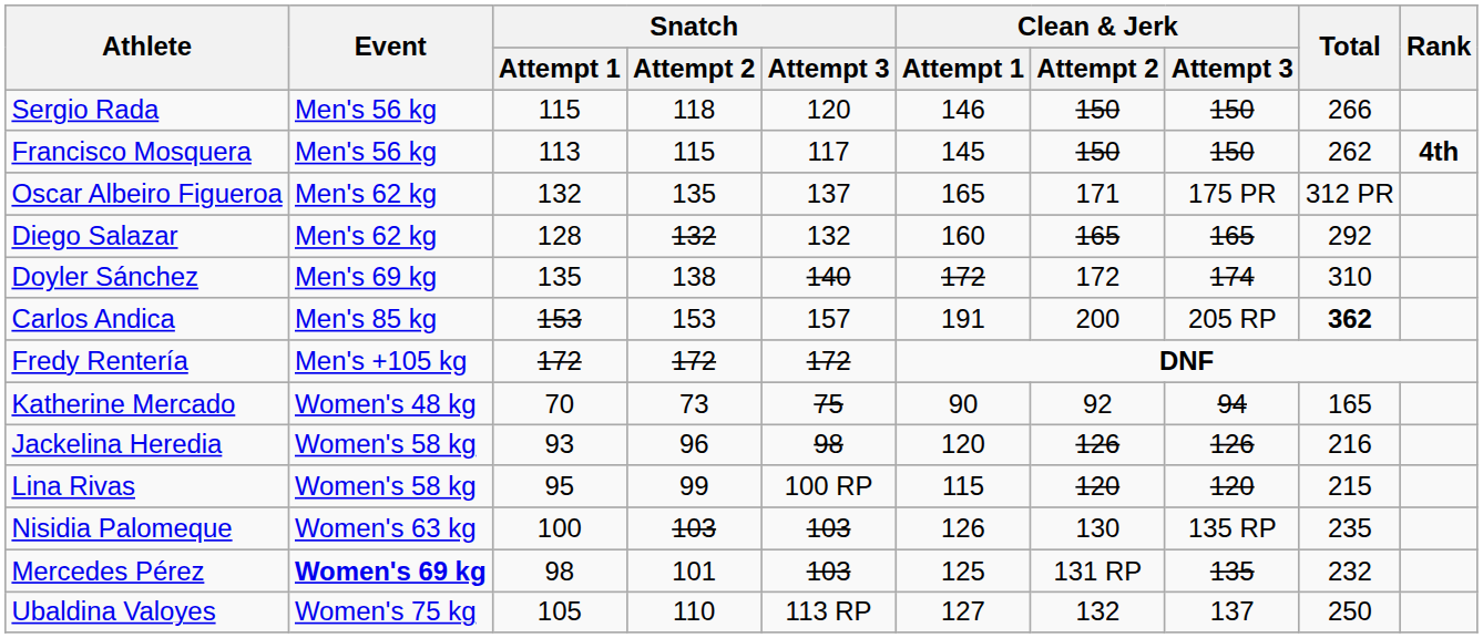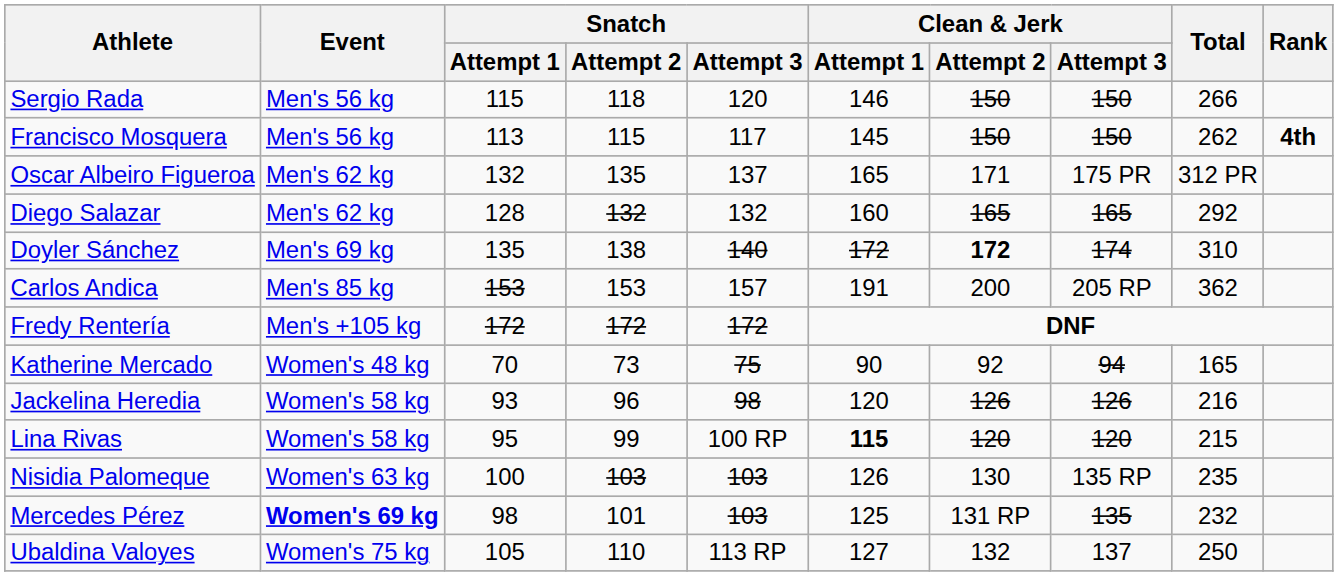 <table class="wikitable" border="1" style="font-size:90%;">
 <tr>
 <th rowspan=2>Athlete</th>
 <th rowspan=2>Event</th>
 <th colspan=3>Snatch</th>
 <th colspan=3>Clean & Jerk</th>
 <th rowspan=2>Total</th>
 <th rowspan=2>Rank</th>
 </tr>
 <tr>
 <th>Attempt 1</th>
 <th>Attempt 2</th>
 <th>Attempt 3</th>
 <th>Attempt 1</th>
 <th>Attempt 2</th>
 <th>Attempt 3</th>
 </tr>
 <tr>
 <td><a href='#'>Sergio Rada</a></td>
 <td><a href='#'>Men's 56 kg</a></td>
 <td align=center>115</td>
 <td align=center>118</td>
 <td align=center>120</td>
 <td align=center>146</td>
 <td align=center><del>150</del></td>
 <td align=center><del>150</del></td>
 <td align=center>266</td>
 <td align=center></td>
 </tr>
 <tr>
 <td><a href='#'>Francisco Mosquera</a></td>
 <td><a href='#'>Men's 56 kg</a></td>
 <td align=center>113</td>
 <td align=center>115</td>
 <td align=center>117</td>
 <td align=center>145</td>
 <td align=center><del>150</del></td>
 <td align=center><del>150</del></td>
 <td align=center>262</td>
 <td align=center><strong>4th</strong></td>
 </tr>
 <tr>
 <td><a href='#'>Oscar Albeiro Figueroa</a></td>
 <td><a href='#'>Men's 62 kg</a></td>
 <td align=center>132</td>
 <td align=center>135</td>
 <td align=center>137</td>
 <td align=center>165</td>
 <td align=center>171</td>
 <td align=center>175 PR</td>
 <td align=center>312 PR</td>
 <td align=center></td>
 </tr>
 <tr>
 <td><a href='#'>Diego Salazar</a></td>
 <td><a href='#'>Men's 62 kg</a></td>
 <td align=center>128</td>
 <td align=center><del>132</del></td>
 <td align=center>132</td>
 <td align=center>160</td>
 <td align=center><del>165</del></td>
 <td align=center><del>165</del></td>
 <td align=center>292</td>
 <td align=center></td>
 </tr>
 <tr>
 <td><a href='#'>Doyler Sánchez</a></td>
 <td><a href='#'>Men's 69 kg</a></td>
 <td align=center>135</td>
 <td align=center>138</td>
 <td align=center><del>140</del></td>
 <td align=center><del>172</del></td>
-<td align=center>172</td>
+<td align=center><strong>172</strong></td>
 <td align=center><del>174</del></td>
 <td align=center>310</td>
 <td align=center></td>
 </tr>
 <tr>
 <td><a href='#'>Carlos Andica</a></td>
 <td><a href='#'>Men's 85 kg</a></td>
 <td align=center><del>153</del></td>
 <td align=center>153</td>
 <td align=center>157</td>
 <td align=center>191</td>
 <td align=center>200</td>
 <td align=center>205 RP</td>
-<td align=center><strong>362</strong></td>
+<td align=center>362</td>
 <td align=center></td>
 </tr>
 <tr>
 <td><a href='#'>Fredy Rentería</a></td>
 <td><a href='#'>Men's +105 kg</a></td>
 <td align=center><del>172</del></td>
 <td align=center><del>172</del></td>
 <td align=center><del>172</del></td>
 <td align=center colspan="7"><strong>DNF</strong></td>
 </tr>
 <tr>
 <td><a href='#'>Katherine Mercado</a></td>
 <td><a href='#'>Women's 48 kg</a></td>
 <td align=center>70</td>
 <td align=center>73</td>
 <td align=center><del>75</del></td>
 <td align=center>90</td>
 <td align=center>92</td>
 <td align=center><del>94</del></td>
 <td align=center>165</td>
 <td align=center></td>
 </tr>
 <tr>
 <td><a href='#'>Jackelina Heredia</a></td>
 <td><a href='#'>Women's 58 kg</a></td>
 <td align=center>93</td>
 <td align=center>96</td>
 <td align=center><del>98</del></td>
 <td align=center>120</td>
 <td align=center><del>126</del></td>
 <td align=center><del>126</del></td>
 <td align=center>216</td>
 <td align=center></td>
 </tr>
 <tr>
 <td><a href='#'>Lina Rivas</a></td>
 <td><a href='#'>Women's 58 kg</a></td>
 <td align=center>95</td>
 <td align=center>99</td>
 <td align=center>100 RP</td>
-<td align=center>115</td>
+<td align=center><strong>115</strong></td>
 <td align=center><del>120</del></td>
 <td align=center><del>120</del></td>
 <td align=center>215</td>
 <td align=center></td>
 </tr>
 <tr>
 <td><a href='#'>Nisidia Palomeque</a></td>
 <td><a href='#'>Women's 63 kg</a></td>
 <td align=center>100</td>
 <td align=center><del>103</del></td>
 <td align=center><del>103</del></td>
 <td align=center>126</td>
 <td align=center>130</td>
 <td align=center>135 RP</td>
 <td align=center>235</td>
 <td align=center></td>
 </tr>
 <tr>
 <td><a href='#'>Mercedes Pérez</a></td>
 <td><strong><a href='#'>Women's 69 kg</a></strong></td>
 <td align=center>98</td>
 <td align=center>101</td>
 <td align=center><del>103</del></td>
 <td align=center>125</td>
 <td align=center>131 RP</td>
 <td align=center><del>135</del></td>
 <td align=center>232</td>
 <td align=center></td>
 </tr>
 <tr>
 <td><a href='#'>Ubaldina Valoyes</a></td>
 <td><a href='#'>Women's 75 kg</a></td>
 <td align=center>105</td>
 <td align=center>110</td>
 <td align=center>113 RP</td>
 <td align=center>127</td>
 <td align=center>132</td>
 <td align=center>137</td>
 <td align=center>250</td>
 <td align=center></td>
 </tr>
 </table>
